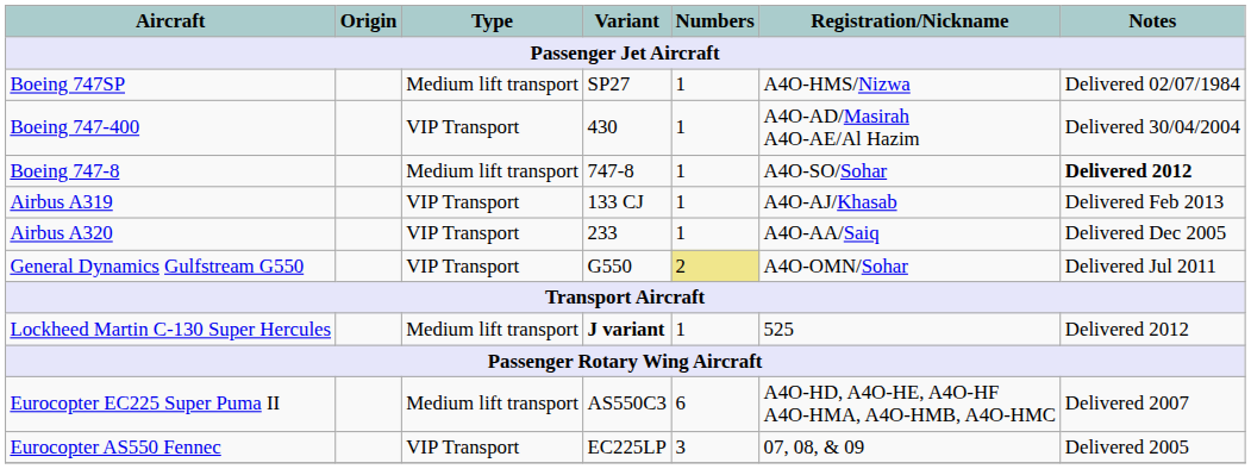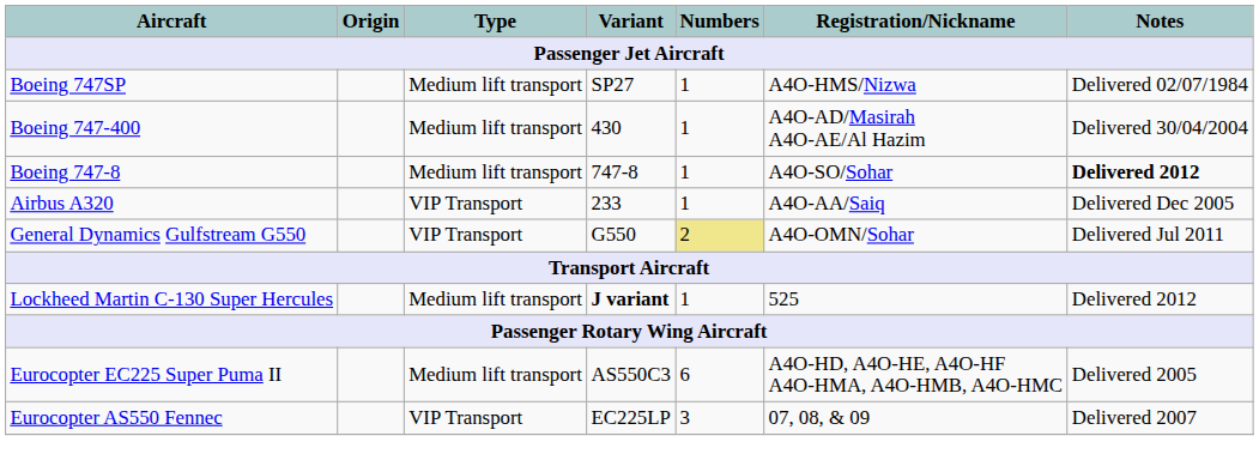 <table class="wikitable">
 <tr>
 <th style="text-align:center; background:#acc;">Aircraft</th>
 <th style="text-align: center; background:#acc;">Origin</th>
 <th style="text-align:l center; background:#acc;">Type</th>
 <th style="text-align:center; background:#acc;">Variant</th>
 <th style="text-align:center; background:#acc;">Numbers</th>
 <th style="text-align: center; background:#acc;">Registration/Nickname</th>
 <th style="text-align: center; background:#acc;">Notes</th>
 </tr>
 <tr>
 <th style="align: center; background: lavender;" colspan="7">Passenger Jet Aircraft</th>
 </tr>
 <tr>
 <td><a href='#'>Boeing 747SP</a></td>
 <td></td>
 <td>Medium lift transport</td>
 <td>SP27</td>
 <td>1</td>
 <td>A4O-HMS/<a href='#'>Nizwa</a></td>
 <td>Delivered 02/07/1984</td>
 </tr>
 <tr>
 <td><a href='#'>Boeing 747-400</a></td>
 <td></td>
-<td>VIP Transport</td>
+<td>Medium lift transport</td>
 <td>430</td>
 <td>1</td>
 <td>A4O-AD/<a href='#'>Masirah</a><br>A4O-AE/Al Hazim</td>
 <td>Delivered 30/04/2004</td>
 </tr>
 <tr>
 <td><a href='#'>Boeing 747-8</a></td>
 <td></td>
 <td>Medium lift transport</td>
 <td>747-8</td>
 <td>1</td>
 <td>A4O-SO/<a href='#'>Sohar</a></td>
 <td><strong>Delivered 2012</strong></td>
-</tr>
-<tr>
-<td><a href='#'>Airbus A319</a></td>
-<td></td>
-<td>VIP Transport</td>
-<td>133 CJ</td>
-<td>1</td>
-<td>A4O-AJ/<a href='#'>Khasab</a></td>
-<td>Delivered Feb 2013</td>
 </tr>
 <tr>
 <td><a href='#'>Airbus A320</a></td>
 <td></td>
 <td>VIP Transport</td>
 <td>233</td>
 <td>1</td>
 <td>A4O-AA/<a href='#'>Saiq</a></td>
 <td>Delivered Dec 2005</td>
 </tr>
 <tr>
 <td><a href='#'>General Dynamics</a> <a href='#'>Gulfstream G550</a></td>
 <td></td>
 <td>VIP Transport</td>
 <td>G550</td>
 <td style="background: khaki;">2</td>
 <td>A4O-OMN/<a href='#'>Sohar</a></td>
 <td>Delivered Jul 2011</td>
 </tr>
 <tr>
 <th style="align: center; background: lavender;" colspan="7">Transport Aircraft</th>
 </tr>
 <tr>
 <td><a href='#'>Lockheed Martin C-130 Super Hercules</a></td>
 <td></td>
 <td>Medium lift transport</td>
 <td><strong>J variant</strong></td>
 <td>1</td>
 <td>525</td>
 <td>Delivered 2012</td>
 </tr>
 <tr>
 <th style="align: center; background: lavender;" colspan="7">Passenger Rotary Wing Aircraft</th>
 </tr>
 <tr>
 <td><a href='#'>Eurocopter EC225 Super Puma</a> II</td>
 <td></td>
 <td>Medium lift transport</td>
 <td>AS550C3</td>
 <td>6</td>
 <td>A4O-HD, A4O-HE, A4O-HF<br>A4O-HMA, A4O-HMB, A4O-HMC</td>
-<td>Delivered 2007</td>
+<td>Delivered 2005</td>
 </tr>
 <tr>
 <td><a href='#'>Eurocopter AS550 Fennec</a></td>
 <td></td>
 <td>VIP Transport</td>
 <td>EC225LP</td>
 <td>3</td>
 <td>07, 08, & 09</td>
-<td>Delivered 2005</td>
+<td>Delivered 2007</td>
 </tr>
 <tr>
 </tr>
 </table>
